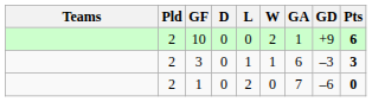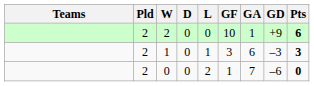 <table class="wikitable" style="text-align: center;">
 <tr>
 <th width=165>Teams</th>
 <th width=20>Pld</th>
-<th width=20>GF</th>
+<th width=20>W</th>
 <th width=20>D</th>
 <th width=20>L</th>
-<th width=20>W</th>
+<th width=20>GF</th>
 <th width=20>GA</th>
 <th width=20>GD</th>
 <th width=20>Pts</th>
 </tr>
 <tr align=center style="background:#ccffcc;">
 <td style="text-align:left;"></td>
 <td>2</td>
-<td>10</td>
+<td>2</td>
 <td>0</td>
 <td>0</td>
-<td>2</td>
+<td>10</td>
 <td>1</td>
 <td>+9</td>
 <td><strong>6</strong></td>
 </tr>
 <tr align=center>
 <td style="text-align:left;"></td>
 <td>2</td>
-<td>3</td>
+<td>1</td>
 <td>0</td>
 <td>1</td>
-<td>1</td>
+<td>3</td>
 <td>6</td>
 <td>–3</td>
 <td><strong>3</strong></td>
 </tr>
 <tr align=center>
 <td style="text-align:left;"></td>
 <td>2</td>
-<td>1</td>
+<td>0</td>
 <td>0</td>
 <td>2</td>
-<td>0</td>
+<td>1</td>
 <td>7</td>
 <td>–6</td>
 <td><strong>0</strong></td>
 </tr>
 </table>
